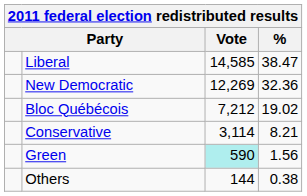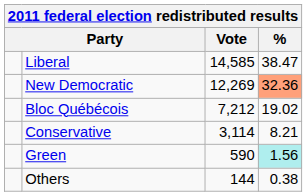 <table class="wikitable">
 <tr>
 <th colspan="4"><a href='#'>2011 federal election</a> redistributed results</th>
 </tr>
 <tr>
 <th bgcolor="#DDDDFF" width="130px" colspan="2">Party</th>
 <th bgcolor="#DDDDFF" width="50px">Vote</th>
 <th bgcolor="#DDDDFF" width="30px">%</th>
 </tr>
 <tr>
 <td> </td>
 <td><a href='#'>Liberal</a></td>
 <td align=right>14,585</td>
 <td align=right>38.47</td>
 </tr>
 <tr>
 <td> </td>
 <td><a href='#'>New Democratic</a></td>
 <td align=right>12,269</td>
-<td align=right>32.36</td>
+<td align=right style="background: lightsalmon;">32.36</td>
 </tr>
 <tr>
 <td> </td>
 <td><a href='#'>Bloc Québécois</a></td>
 <td align=right>7,212</td>
 <td align=right>19.02</td>
 </tr>
 <tr>
 <td> </td>
 <td><a href='#'>Conservative</a></td>
 <td align=right>3,114</td>
 <td align=right>8.21</td>
 </tr>
 <tr>
 <td> </td>
 <td><a href='#'>Green</a></td>
-<td align=right style="background: paleturquoise;">590</td>
-<td align=right>1.56</td>
+<td align=right>590</td>
+<td align=right style="background: paleturquoise;">1.56</td>
 </tr>
 <tr>
 <td> </td>
 <td>Others</td>
 <td align=right>144</td>
 <td align=right>0.38</td>
 </tr>
 </table>
